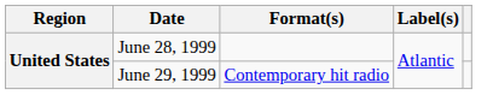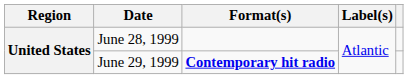 <table class="wikitable plainrowheaders">
 <tr>
 <th scope="col">Region</th>
 <th scope="col">Date</th>
 <th scope="col">Format(s)</th>
 <th scope="col">Label(s)</th>
 <th scope="col"></th>
 </tr>
 <tr>
 <th scope="row" rowspan="3">United States</th>
 <td>June 28, 1999</td>
 <td></td>
 <td rowspan="3"><a href='#'>Atlantic</a></td>
 <td align="center"></td>
 </tr>
 <tr>
 <td>June 29, 1999</td>
-<td><a href='#'>Contemporary hit radio</a></td>
+<td><strong><a href='#'>Contemporary hit radio</a></strong></td>
 <td align="center"></td>
 </tr>
 </table>
